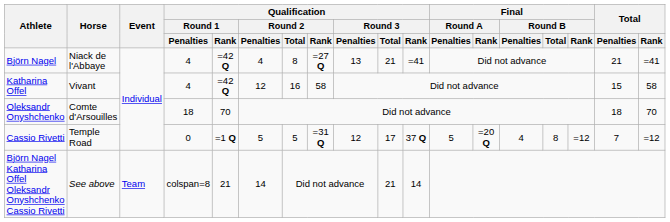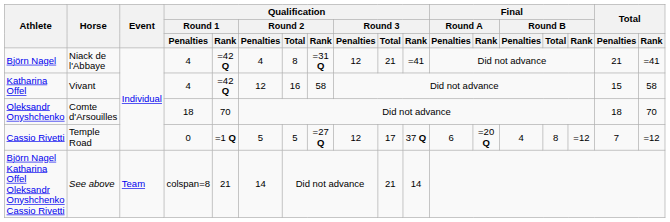 <table class="wikitable" style="font-size:90%">
 <tr>
 <th rowspan="3">Athlete</th>
 <th rowspan="3">Horse</th>
 <th rowspan="3">Event</th>
 <th colspan="8">Qualification</th>
 <th colspan="5">Final</th>
 <th rowspan=2 colspan="2">Total</th>
 </tr>
 <tr style="font-size:95%">
 <th colspan="2">Round 1</th>
 <th colspan="3">Round 2</th>
 <th colspan="3">Round 3</th>
 <th colspan="2">Round A</th>
 <th colspan="3">Round B</th>
 </tr>
 <tr style="font-size:95%">
 <th>Penalties</th>
 <th>Rank</th>
 <th>Penalties</th>
 <th>Total</th>
 <th>Rank</th>
 <th>Penalties</th>
 <th>Total</th>
 <th>Rank</th>
 <th>Penalties</th>
 <th>Rank</th>
 <th>Penalties</th>
 <th>Total</th>
 <th>Rank</th>
 <th>Penalties</th>
 <th>Rank</th>
 </tr>
 <tr align=center>
 <td align=left><a href='#'>Björn Nagel</a></td>
 <td align=left>Niack de l'Abbaye</td>
 <td align=left rowspan=4><a href='#'>Individual</a></td>
 <td>4</td>
 <td>=42 <strong>Q</strong></td>
 <td>4</td>
 <td>8</td>
-<td>=27 <strong>Q</strong></td>
-<td>13</td>
+<td>=31 <strong>Q</strong></td>
+<td>12</td>
 <td>21</td>
 <td>=41</td>
 <td colspan=5>Did not advance</td>
 <td>21</td>
 <td>=41</td>
 </tr>
 <tr align=center>
 <td align=left><a href='#'>Katharina Offel</a></td>
 <td align=left>Vivant</td>
 <td>4</td>
 <td>=42 <strong>Q</strong></td>
 <td>12</td>
 <td>16</td>
 <td>58</td>
 <td colspan=8>Did not advance</td>
 <td>15</td>
 <td>58</td>
 </tr>
 <tr align=center>
 <td align=left><a href='#'>Oleksandr Onyshchenko</a></td>
 <td align=left>Comte d'Arsouilles</td>
 <td>18</td>
 <td>70</td>
 <td colspan=11>Did not advance</td>
 <td>18</td>
 <td>70</td>
 </tr>
 <tr align=center>
 <td align=left><a href='#'>Cassio Rivetti</a></td>
 <td align=left>Temple Road</td>
 <td>0</td>
 <td>=1 <strong>Q</strong></td>
 <td>5</td>
 <td>5</td>
-<td>=31 <strong>Q</strong></td>
+<td>=27 <strong>Q</strong></td>
 <td>12</td>
 <td>17</td>
 <td>37 <strong>Q</strong></td>
-<td>5</td>
+<td>6</td>
 <td>=20 <strong>Q</strong></td>
 <td>4</td>
 <td>8</td>
 <td>=12</td>
 <td>7</td>
 <td>=12</td>
 </tr>
 <tr align=center>
 <td align=left><a href='#'>Björn Nagel</a><br><a href='#'>Katharina Offel</a><br><a href='#'>Oleksandr Onyshchenko</a><br><a href='#'>Cassio Rivetti</a></td>
 <td align=left><em>See above</em></td>
 <td align=left><a href='#'>Team</a></td>
 <td>colspan=8 </td>
 <td>21</td>
 <td>14</td>
 <td colspan=3>Did not advance</td>
 <td>21</td>
 <td>14</td>
 </tr>
 </table>
